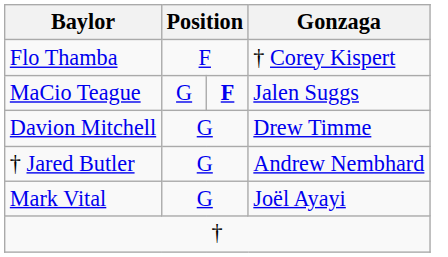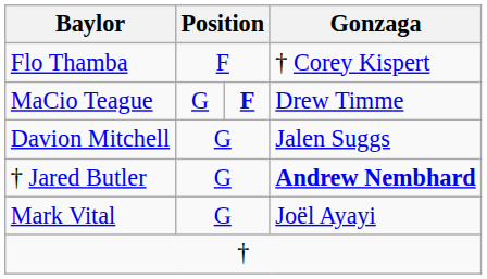 <table class="wikitable">
 <tr>
 <th>Baylor</th>
 <th colspan="2">Position</th>
 <th>Gonzaga</th>
 </tr>
 <tr>
 <td><a href='#'>Flo Thamba</a></td>
 <td colspan=2 style="text-align:center"><a href='#'>F</a></td>
 <td>† <a href='#'>Corey Kispert</a></td>
 </tr>
 <tr>
 <td><a href='#'>MaCio Teague</a></td>
 <td style="text-align:center"><a href='#'>G</a></td>
 <td style="text-align:center"><strong><a href='#'>F</a></strong></td>
-<td><a href='#'>Jalen Suggs</a></td>
+<td><a href='#'>Drew Timme</a></td>
 </tr>
 <tr>
 <td><a href='#'>Davion Mitchell</a></td>
 <td colspan=2 style="text-align:center"><a href='#'>G</a></td>
-<td><a href='#'>Drew Timme</a></td>
+<td><a href='#'>Jalen Suggs</a></td>
 </tr>
 <tr>
 <td>† <a href='#'>Jared Butler</a></td>
 <td colspan=2 style="text-align:center"><a href='#'>G</a></td>
-<td><a href='#'>Andrew Nembhard</a></td>
+<td><strong><a href='#'>Andrew Nembhard</a></strong></td>
 </tr>
 <tr>
 <td><a href='#'>Mark Vital</a></td>
 <td colspan=2 style="text-align:center"><a href='#'>G</a></td>
 <td><a href='#'>Joël Ayayi</a></td>
 </tr>
 <tr>
 <td colspan="5" align=center>† </td>
 </tr>
 </table>
